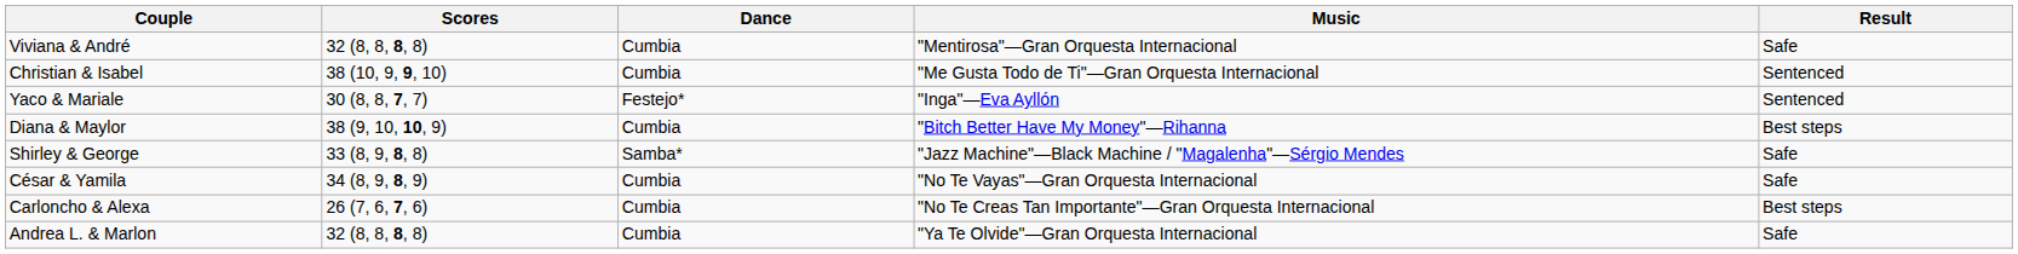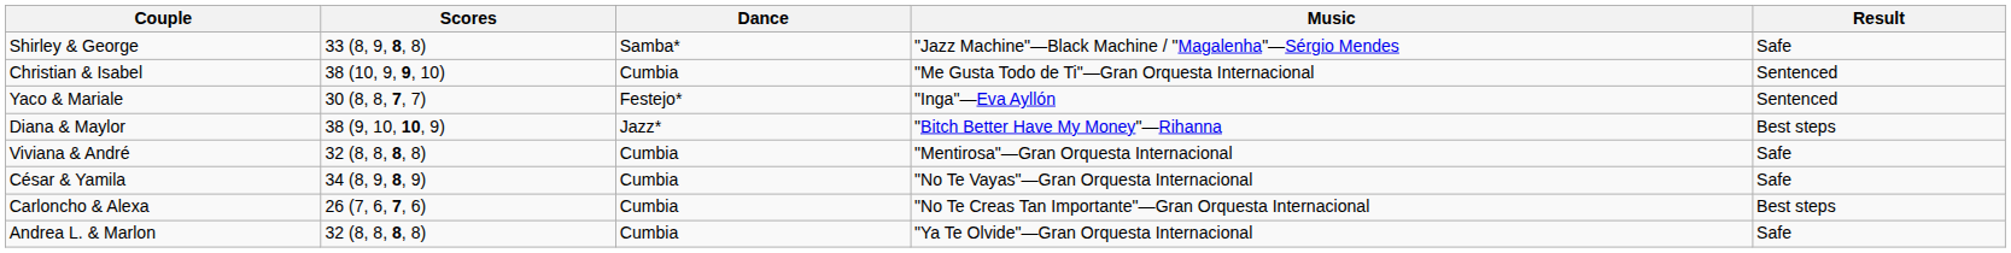 <table class="wikitable sortable" style="width:95%; white-space:nowrap;">
 <tr>
 <th style="width:15%;">Couple</th>
 <th style="width:14%;">Scores</th>
 <th style="width:14%;">Dance</th>
 <th style="width:40%;">Music</th>
 <th style="width:12%;">Result</th>
 </tr>
 <tr>
-<td>Viviana & André</td>
-<td>32 (8, 8, <strong>8</strong>, 8)</td>
-<td>Cumbia</td>
-<td>"Mentirosa"—Gran Orquesta Internacional</td>
+<td>Shirley & George</td>
+<td>33 (8, 9, <strong>8</strong>, 8)</td>
+<td>Samba*</td>
+<td>"Jazz Machine"—Black Machine / "<a href='#'>Magalenha</a>"—<a href='#'>Sérgio Mendes</a></td>
 <td>Safe</td>
 </tr>
 <tr>
 <td>Christian & Isabel</td>
 <td>38 (10, 9, <strong>9</strong>, 10)</td>
 <td>Cumbia</td>
 <td>"Me Gusta Todo de Ti"—Gran Orquesta Internacional</td>
 <td>Sentenced</td>
 </tr>
 <tr>
 <td>Yaco & Mariale</td>
 <td>30 (8, 8, <strong>7</strong>, 7)</td>
 <td>Festejo*</td>
 <td>"Inga"—<a href='#'>Eva Ayllón</a></td>
 <td>Sentenced</td>
 </tr>
 <tr>
 <td>Diana & Maylor</td>
 <td>38 (9, 10, <strong>10</strong>, 9)</td>
-<td>Cumbia</td>
+<td>Jazz*</td>
 <td>"<a href='#'>Bitch Better Have My Money</a>"—<a href='#'>Rihanna</a></td>
 <td>Best steps</td>
 </tr>
 <tr>
-<td>Shirley & George</td>
-<td>33 (8, 9, <strong>8</strong>, 8)</td>
-<td>Samba*</td>
-<td>"Jazz Machine"—Black Machine / "<a href='#'>Magalenha</a>"—<a href='#'>Sérgio Mendes</a></td>
+<td>Viviana & André</td>
+<td>32 (8, 8, <strong>8</strong>, 8)</td>
+<td>Cumbia</td>
+<td>"Mentirosa"—Gran Orquesta Internacional</td>
 <td>Safe</td>
 </tr>
 <tr>
 <td>César & Yamila</td>
 <td>34 (8, 9, <strong>8</strong>, 9)</td>
 <td>Cumbia</td>
 <td>"No Te Vayas"—Gran Orquesta Internacional</td>
 <td>Safe</td>
 </tr>
 <tr>
 <td>Carloncho & Alexa</td>
 <td>26 (7, 6, <strong>7</strong>, 6)</td>
 <td>Cumbia</td>
 <td>"No Te Creas Tan Importante"—Gran Orquesta Internacional</td>
 <td>Best steps</td>
 </tr>
 <tr>
 <td>Andrea L. & Marlon</td>
 <td>32 (8, 8, <strong>8</strong>, 8)</td>
 <td>Cumbia</td>
 <td>"Ya Te Olvide"—Gran Orquesta Internacional</td>
 <td>Safe</td>
 </tr>
 </table>
